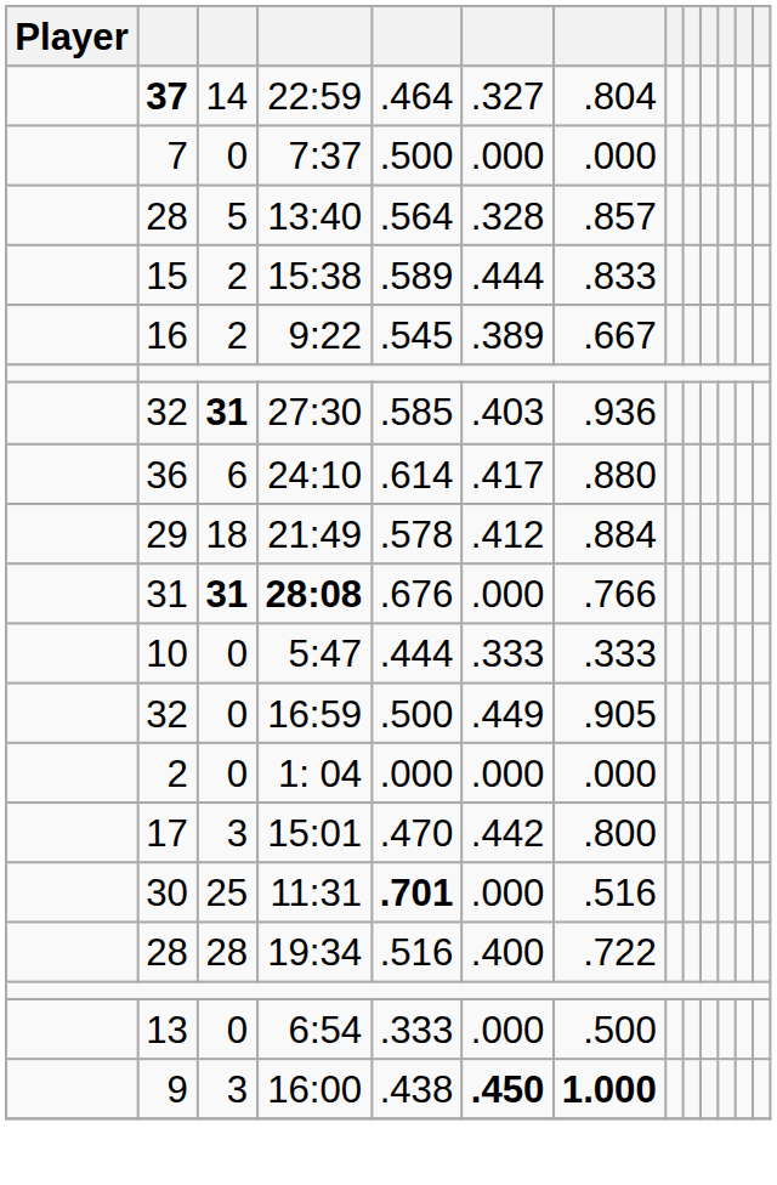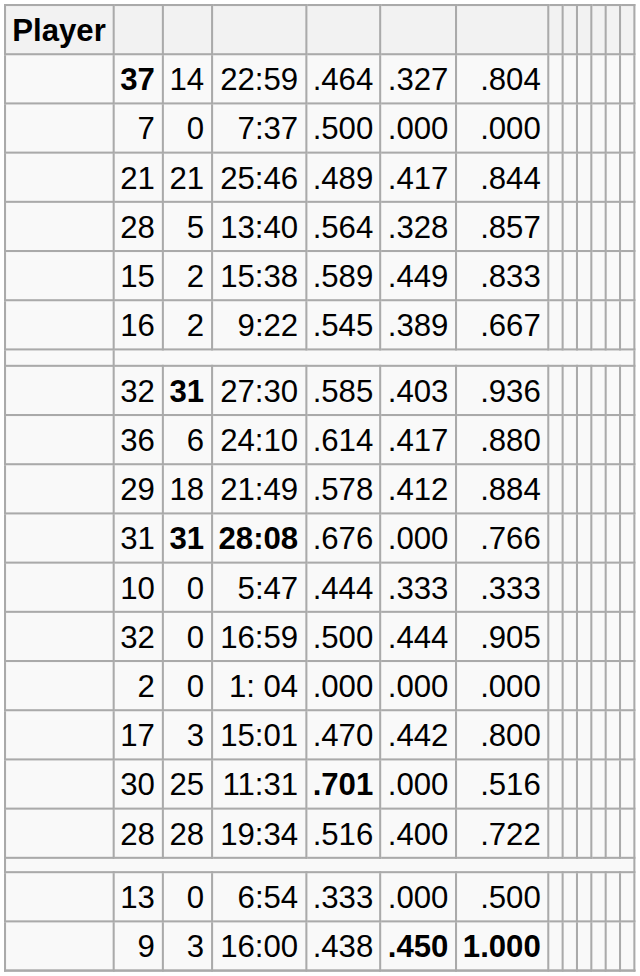 <table class="wikitable sortable" style="font-size:95%; text-align:right;">
 <tr>
 <th>Player</th>
 <th></th>
 <th></th>
 <th></th>
 <th></th>
 <th></th>
 <th></th>
 <th></th>
 <th></th>
 <th></th>
 <th></th>
 <th></th>
 <th></th>
 </tr>
 <tr>
 <td><strong></strong></td>
 <td><strong>37</strong></td>
 <td>14</td>
 <td>22:59</td>
 <td>.464</td>
 <td>.327</td>
 <td>.804</td>
 <td></td>
 <td></td>
 <td></td>
 <td></td>
 <td></td>
 <td></td>
 </tr>
 <tr>
 <td><strong></strong></td>
 <td>7</td>
 <td>0</td>
 <td>7:37</td>
 <td>.500</td>
 <td>.000</td>
 <td>.000</td>
 <td></td>
 <td></td>
 <td></td>
 <td></td>
 <td></td>
 <td></td>
 </tr>
 <tr>
 <td><strong></strong></td>
+<td>21</td>
+<td>21</td>
+<td>25:46</td>
+<td>.489</td>
+<td>.417</td>
+<td>.844</td>
+<td></td>
+<td></td>
+<td></td>
+<td></td>
+<td></td>
+<td></td>
+</tr>
+<tr>
+<td><strong></strong></td>
 <td>28</td>
 <td>5</td>
 <td>13:40</td>
 <td>.564</td>
 <td>.328</td>
 <td>.857</td>
 <td></td>
 <td></td>
 <td></td>
 <td></td>
 <td></td>
 <td></td>
 </tr>
 <tr>
 <td><strong></strong></td>
 <td>15</td>
 <td>2</td>
 <td>15:38</td>
 <td>.589</td>
-<td>.444</td>
+<td>.449</td>
 <td>.833</td>
 <td></td>
 <td></td>
 <td></td>
 <td></td>
 <td></td>
 <td></td>
 </tr>
 <tr>
 <td><strong></strong></td>
 <td>16</td>
 <td>2</td>
 <td>9:22</td>
 <td>.545</td>
 <td>.389</td>
 <td>.667</td>
 <td></td>
 <td></td>
 <td></td>
 <td></td>
 <td></td>
 <td></td>
 </tr>
 <tr>
 <td><strong></strong></td>
 <td colspan=12 data-sort-value="-50"></td>
 </tr>
 <tr>
 <td><strong></strong></td>
 <td>32</td>
 <td><strong>31</strong></td>
 <td>27:30</td>
 <td>.585</td>
 <td>.403</td>
 <td>.936</td>
 <td></td>
 <td><strong></strong></td>
 <td><strong></strong></td>
 <td></td>
 <td><strong></strong></td>
 <td><strong></strong></td>
 </tr>
 <tr>
 <td><strong></strong></td>
 <td>36</td>
 <td>6</td>
 <td>24:10</td>
 <td>.614</td>
 <td>.417</td>
 <td>.880</td>
 <td></td>
 <td></td>
 <td></td>
 <td></td>
 <td></td>
 <td></td>
 </tr>
 <tr>
 <td><strong></strong></td>
 <td>29</td>
 <td>18</td>
 <td>21:49</td>
 <td>.578</td>
 <td>.412</td>
 <td>.884</td>
 <td></td>
 <td></td>
 <td></td>
 <td></td>
 <td></td>
 <td></td>
 </tr>
 <tr>
 <td><strong></strong></td>
 <td>31</td>
 <td><strong>31</strong></td>
 <td><strong>28:08</strong></td>
 <td>.676</td>
 <td>.000</td>
 <td>.766</td>
 <td><strong></strong></td>
 <td></td>
 <td></td>
 <td><strong></strong></td>
 <td></td>
 <td></td>
 </tr>
 <tr>
 <td><strong></strong></td>
 <td>10</td>
 <td>0</td>
 <td>5:47</td>
 <td>.444</td>
 <td>.333</td>
 <td>.333</td>
 <td></td>
 <td></td>
 <td></td>
 <td></td>
 <td></td>
 <td></td>
 </tr>
 <tr>
 <td><strong></strong></td>
 <td>32</td>
 <td>0</td>
 <td>16:59</td>
 <td>.500</td>
-<td>.449</td>
+<td>.444</td>
 <td>.905</td>
 <td></td>
 <td></td>
 <td></td>
 <td></td>
 <td></td>
 <td></td>
 </tr>
 <tr>
 <td><strong></strong></td>
 <td>2</td>
 <td>0</td>
 <td>1: 04</td>
 <td>.000</td>
 <td>.000</td>
 <td>.000</td>
 <td></td>
 <td></td>
 <td></td>
 <td></td>
 <td></td>
 <td></td>
 </tr>
 <tr>
 <td><strong></strong></td>
 <td>17</td>
 <td>3</td>
 <td>15:01</td>
 <td>.470</td>
 <td>.442</td>
 <td>.800</td>
 <td></td>
 <td></td>
 <td></td>
 <td></td>
 <td></td>
 <td></td>
 </tr>
 <tr>
 <td><strong></strong></td>
 <td>30</td>
 <td>25</td>
 <td>11:31</td>
 <td><strong>.701</strong></td>
 <td>.000</td>
 <td>.516</td>
 <td></td>
 <td></td>
 <td></td>
 <td></td>
 <td></td>
 <td></td>
 </tr>
 <tr>
 <td><strong></strong></td>
 <td>28</td>
 <td>28</td>
 <td>19:34</td>
 <td>.516</td>
 <td>.400</td>
 <td>.722</td>
 <td></td>
 <td></td>
 <td></td>
 <td></td>
 <td></td>
 <td></td>
 </tr>
 <tr class="sortbottom">
 <td colspan=13></td>
 </tr>
 <tr>
 <td><em></em></td>
 <td>13</td>
 <td>0</td>
 <td>6:54</td>
 <td>.333</td>
 <td>.000</td>
 <td>.500</td>
 <td></td>
 <td></td>
 <td></td>
 <td><strong></strong></td>
 <td></td>
 <td></td>
 </tr>
 <tr>
 <td><em></em></td>
 <td>9</td>
 <td>3</td>
 <td>16:00</td>
 <td>.438</td>
 <td><strong>.450</strong></td>
 <td><strong>1.000</strong></td>
 <td></td>
 <td></td>
 <td></td>
 <td></td>
 <td></td>
 <td></td>
 </tr>
 <tr>
 </tr>
 </table>
